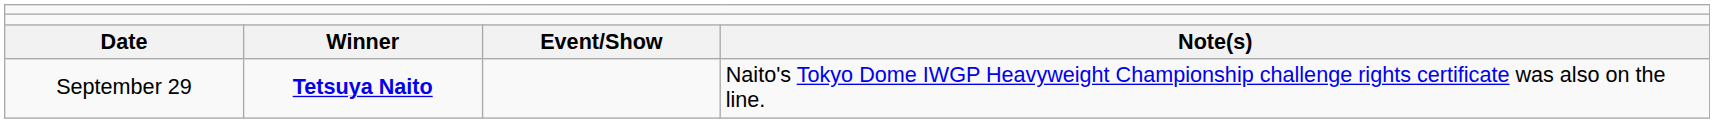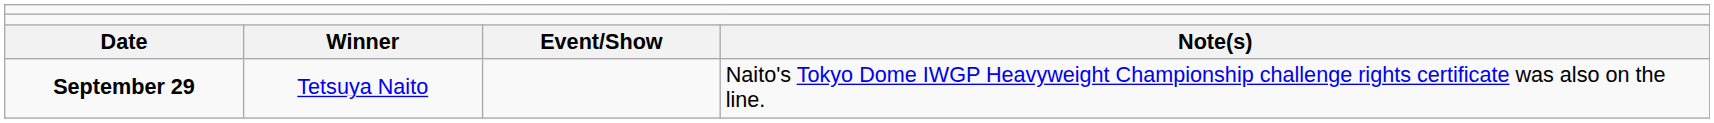 <table class="wikitable" style="text-align:center; width:100%;">
 <tr>
 <td colspan="5"></td>
 </tr>
 <tr>
 <td colspan="5"><strong></strong></td>
 </tr>
 <tr>
 <th width=14%>Date</th>
 <th width=14%>Winner</th>
 <th width=14%>Event/Show</th>
 <th width=58%>Note(s)</th>
 </tr>
 <tr>
-<td>September 29</td>
-<td><strong><a href='#'>Tetsuya Naito</a></strong></td>
+<td><strong>September 29</strong></td>
+<td><a href='#'>Tetsuya Naito</a></td>
 <td></td>
 <td align=left>Naito's <a href='#'>Tokyo Dome IWGP Heavyweight Championship challenge rights certificate</a> was also on the line.</td>
 </tr>
 </table>
